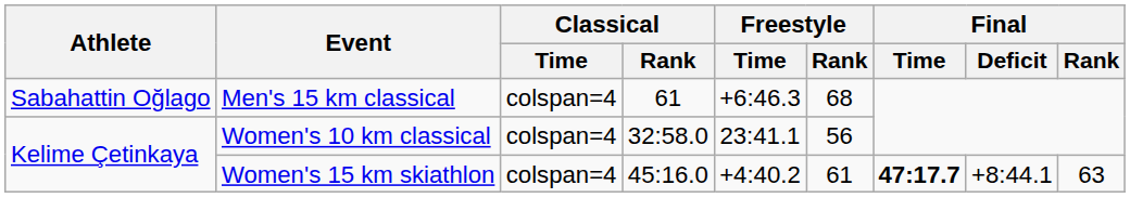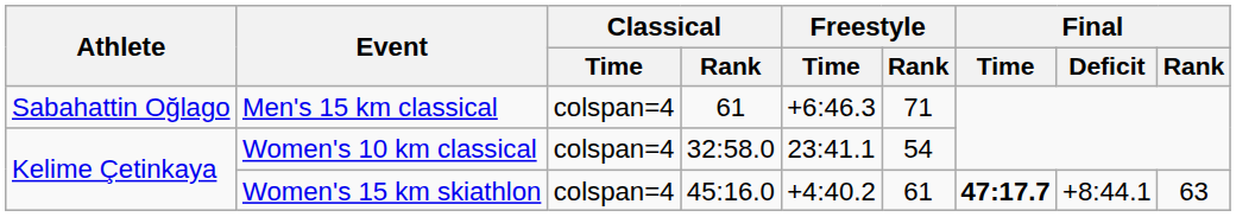 <table class="wikitable" style="font-size:90%">
 <tr>
 <th rowspan=2>Athlete</th>
 <th rowspan=2>Event</th>
 <th colspan=2>Classical</th>
 <th colspan=2>Freestyle</th>
 <th colspan=3>Final</th>
 </tr>
 <tr style="font-size: 95%">
 <th>Time</th>
 <th>Rank</th>
 <th>Time</th>
 <th>Rank</th>
 <th>Time</th>
 <th>Deficit</th>
 <th>Rank</th>
 </tr>
 <tr align=center>
 <td align=left><a href='#'>Sabahattin Oğlago</a></td>
 <td align=left><a href='#'>Men's 15 km classical</a></td>
 <td>colspan=4 </td>
 <td>61</td>
 <td>+6:46.3</td>
-<td>68</td>
+<td>71</td>
 </tr>
 <tr align=center>
 <td align=left rowspan=2><a href='#'>Kelime Çetinkaya</a></td>
 <td align=left><a href='#'>Women's 10 km classical</a></td>
 <td>colspan=4 </td>
 <td>32:58.0</td>
 <td>23:41.1</td>
-<td>56</td>
+<td>54</td>
 </tr>
 <tr align=center>
 <td align=left><a href='#'>Women's 15 km skiathlon</a></td>
 <td>colspan=4 </td>
 <td>45:16.0</td>
 <td>+4:40.2</td>
 <td>61</td>
 <td><strong>47:17.7</strong></td>
 <td>+8:44.1</td>
 <td>63</td>
 </tr>
 </table>
